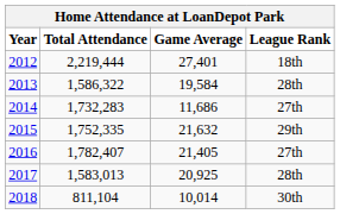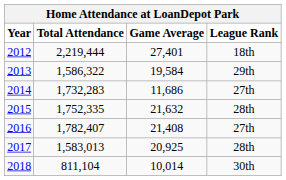 <table class="wikitable" style="text-align:center">
 <tr>
 <th colspan=5>Home Attendance at LoanDepot Park</th>
 </tr>
 <tr style="background:#FFFFFF;color:#000000;">
 <td><strong>Year</strong></td>
 <td><strong>Total Attendance</strong></td>
 <td><strong>Game Average</strong></td>
 <td><strong>League Rank</strong></td>
 </tr>
 <tr>
 <td><a href='#'>2012</a></td>
 <td>2,219,444</td>
 <td>27,401</td>
 <td>18th</td>
 </tr>
 <tr>
 <td><a href='#'>2013</a></td>
 <td>1,586,322</td>
 <td>19,584</td>
-<td>28th</td>
+<td>29th</td>
 </tr>
 <tr>
 <td><a href='#'>2014</a></td>
 <td>1,732,283</td>
 <td>11,686</td>
 <td>27th</td>
 </tr>
 <tr>
 <td><a href='#'>2015</a></td>
 <td>1,752,335</td>
 <td>21,632</td>
-<td>29th</td>
+<td>28th</td>
 </tr>
 <tr>
 <td><a href='#'>2016</a></td>
 <td>1,782,407</td>
-<td>21,405</td>
+<td>21,408</td>
 <td>27th</td>
 </tr>
 <tr>
 <td><a href='#'>2017</a></td>
 <td>1,583,013</td>
 <td>20,925</td>
 <td>28th</td>
 </tr>
 <tr>
 <td><a href='#'>2018</a></td>
 <td>811,104</td>
 <td>10,014</td>
 <td>30th</td>
 </tr>
 </table>
